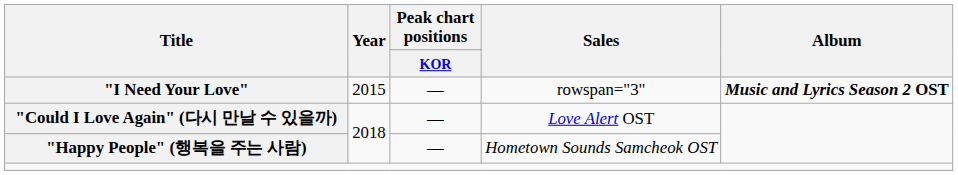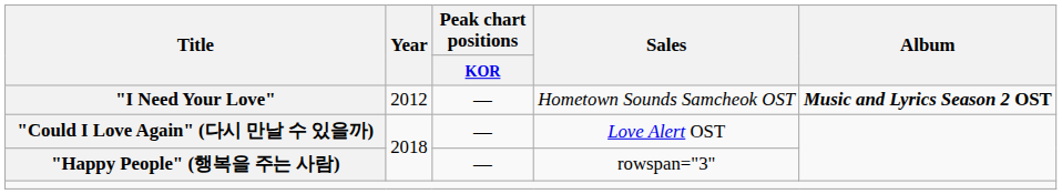 <table class="wikitable plainrowheaders" style="text-align:center">
 <tr>
 <th rowspan="2" scope="col" style="width:20em;">Title</th>
 <th rowspan="2" scope="col">Year</th>
 <th colspan="1" scope="col" style="width:5em;">Peak chart positions</th>
 <th rowspan="2" scope="col">Sales</th>
 <th rowspan="2" scope="col">Album</th>
 </tr>
 <tr>
 <th><small><a href='#'>KOR</a></small><br></th>
 </tr>
 <tr>
 <th scope="row">"I Need Your Love"<br></th>
-<td>2015</td>
+<td>2012</td>
 <td>—</td>
-<td>rowspan="3" </td>
+<td><em>Hometown Sounds Samcheok OST</em></td>
 <td><strong><em>Music and Lyrics Season 2</em> OST</strong></td>
 </tr>
 <tr>
 <th scope="row">"Could I Love Again" (다시 만날 수 있을까)</th>
 <td rowspan="2">2018</td>
 <td>—</td>
 <td><em><a href='#'>Love Alert</a></em> OST</td>
 </tr>
 <tr>
 <th scope="row">"Happy People" (행복을 주는 사람)</th>
 <td>—</td>
-<td><em>Hometown Sounds Samcheok OST</em></td>
+<td>rowspan="3" </td>
 </tr>
 <tr>
 <td colspan="5"></td>
 </tr>
 </table>
